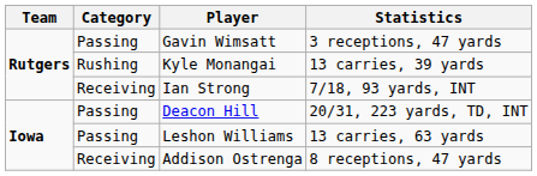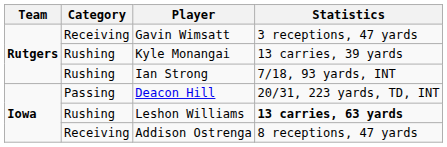 <table class="wikitable" style="float: left;">
 <tr>
 <th>Team</th>
 <th>Category</th>
 <th>Player</th>
 <th>Statistics</th>
 </tr>
 <tr>
 <td rowspan=3><strong>Rutgers</strong></td>
-<td>Passing</td>
+<td>Receiving</td>
 <td>Gavin Wimsatt</td>
 <td>3 receptions, 47 yards</td>
 </tr>
 <tr>
 <td>Rushing</td>
 <td>Kyle Monangai</td>
 <td>13 carries, 39 yards</td>
 </tr>
 <tr>
-<td>Receiving</td>
+<td>Rushing</td>
 <td>Ian Strong</td>
 <td>7/18, 93 yards, INT</td>
 </tr>
 <tr>
 <td rowspan=3><strong>Iowa</strong></td>
 <td>Passing</td>
 <td><a href='#'>Deacon Hill</a></td>
 <td>20/31, 223 yards, TD, INT</td>
 </tr>
 <tr>
-<td>Passing</td>
+<td>Rushing</td>
 <td>Leshon Williams</td>
-<td>13 carries, 63 yards</td>
+<td><strong>13 carries, 63 yards</strong></td>
 </tr>
 <tr>
 <td>Receiving</td>
 <td>Addison Ostrenga</td>
 <td>8 receptions, 47 yards</td>
 </tr>
 </table>
